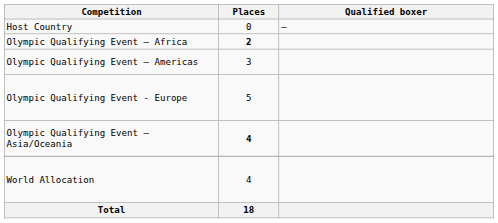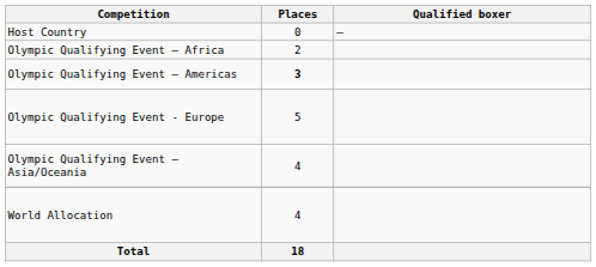 <table class=wikitable>
 <tr>
 <th width=300>Competition</th>
 <th width=80>Places</th>
 <th width=300>Qualified boxer</th>
 </tr>
 <tr>
 <td>Host Country</td>
 <td align="center">0</td>
 <td>—</td>
 </tr>
 <tr>
 <td>Olympic Qualifying Event – Africa</td>
-<td align="center"><strong>2</strong></td>
+<td align="center">2</td>
 <td><br></td>
 </tr>
 <tr>
 <td>Olympic Qualifying Event – Americas</td>
-<td align="center">3</td>
+<td align="center"><strong>3</strong></td>
 <td><br><br></td>
 </tr>
 <tr>
 <td>Olympic Qualifying Event - Europe</td>
 <td align="center">5</td>
 <td><br><br><br><br></td>
 </tr>
 <tr>
 <td>Olympic Qualifying Event – Asia/Oceania</td>
-<td align="center"><strong>4</strong></td>
+<td align="center">4</td>
 <td><br><br><br></td>
 </tr>
 <tr urope || align="center"| 5 || >
 </tr>
 <tr>
 <td>World Allocation</td>
 <td align="center">4</td>
 <td><br><s></s><br><br><br></td>
 </tr>
 <tr>
 <th>Total</th>
 <th>18</th>
 <th></th>
 </tr>
 </table>
